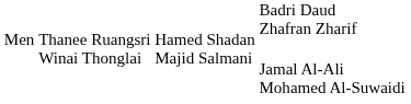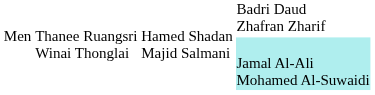 <table>
 <tr>
 <td rowspan=2>Men</td>
 <td rowspan=2><br>Thanee Ruangsri<br>Winai Thonglai</td>
 <td rowspan=2><br>Hamed Shadan<br>Majid Salmani</td>
 <td><br>Badri Daud<br>Zhafran Zharif</td>
 </tr>
 <tr>
-<td><br>Jamal Al-Ali<br>Mohamed Al-Suwaidi</td>
+<td style="background: paleturquoise;"><br>Jamal Al-Ali<br>Mohamed Al-Suwaidi</td>
 </tr>
 </table>
